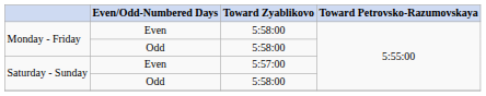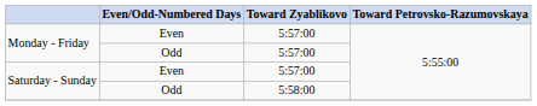 <table class="wikitable">
 <tr>
 <th style="background: #CEDAF2;"></th>
 <th style="background: #CEDAF2;">Even/Odd-Numbered Days</th>
 <th style="background: #CEDAF2;">Toward Zyablikovo</th>
 <th style="background: #CEDAF2;">Toward Petrovsko-Razumovskaya</th>
 </tr>
 <tr>
 <td rowspan="2">Monday - Friday</td>
 <td style="text-align: center">Even</td>
-<td style="text-align: center">5:58:00</td>
+<td style="text-align: center">5:57:00</td>
 <td rowspan="4" style="text-align: center">5:55:00</td>
 </tr>
 <tr>
 <td style="text-align: center">Odd</td>
-<td style="text-align: center">5:58:00</td>
+<td style="text-align: center">5:57:00</td>
 </tr>
 <tr>
 <td rowspan="2">Saturday - Sunday</td>
 <td style="text-align: center">Even</td>
 <td style="text-align: center">5:57:00</td>
 </tr>
 <tr>
 <td style="text-align: center">Odd</td>
 <td style="text-align: center">5:58:00</td>
 </tr>
 <tr>
 </tr>
 </table>
